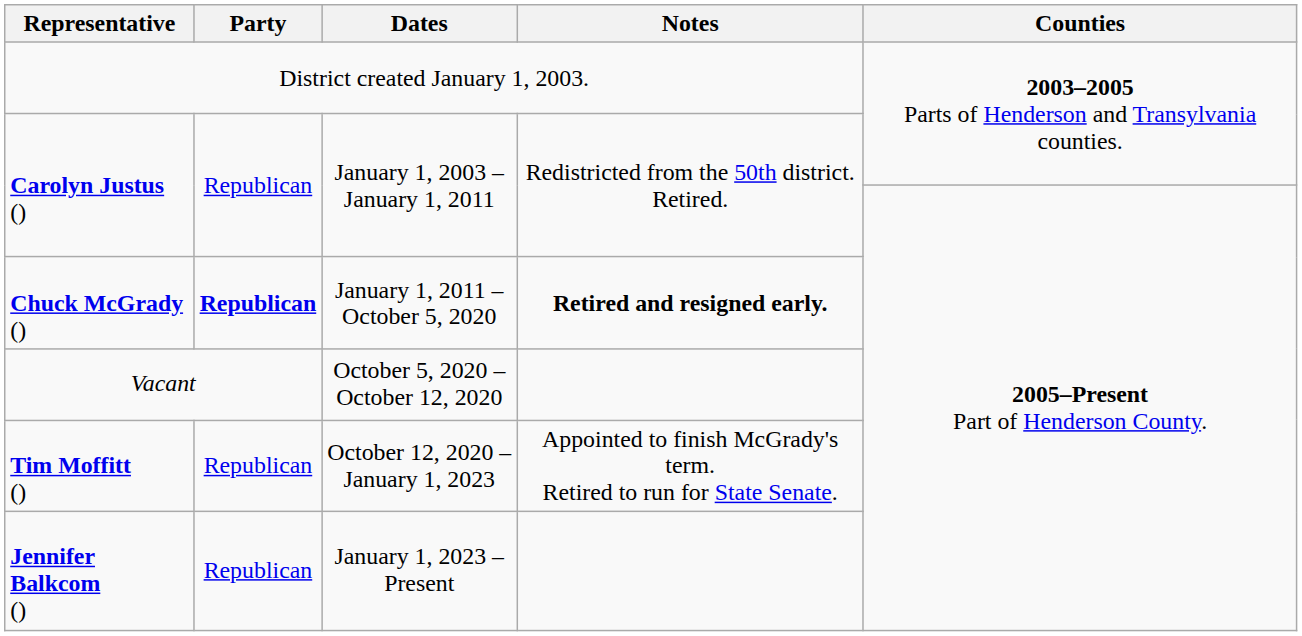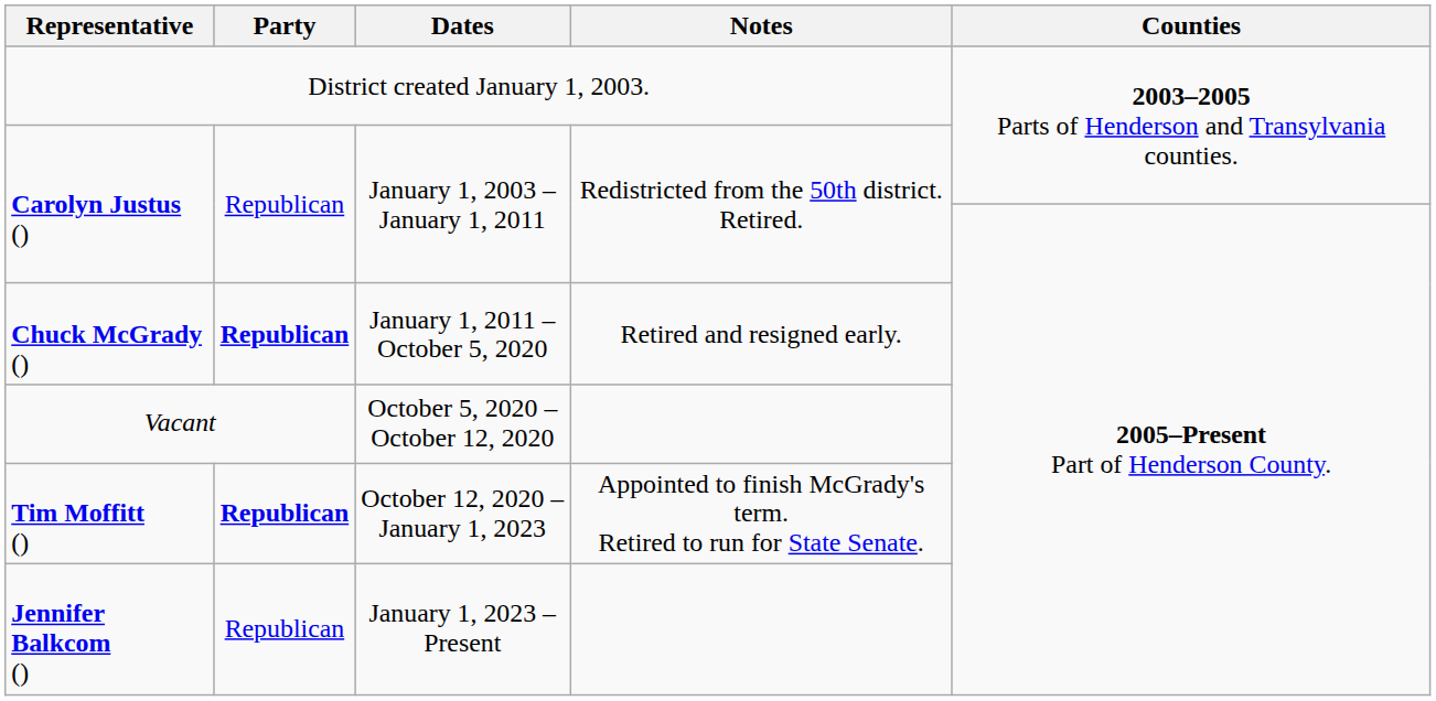 <table class=wikitable style="text-align:center">
 <tr>
 <th>Representative</th>
 <th>Party</th>
 <th>Dates</th>
 <th>Notes</th>
 <th>Counties</th>
 </tr>
 <tr style="height:3em">
 <td colspan=4>District created January 1, 2003.</td>
 <td rowspan=2><strong>2003–2005</strong> <br> Parts of <a href='#'>Henderson</a> and <a href='#'>Transylvania</a> counties.</td>
 </tr>
 <tr style="height:3em">
 <td rowspan=2 align=left><br><strong><a href='#'>Carolyn Justus</a></strong><br>()</td>
 <td rowspan=2 ><a href='#'>Republican</a></td>
 <td rowspan=2 nowrap>January 1, 2003 – <br> January 1, 2011</td>
 <td rowspan=2>Redistricted from the <a href='#'>50th</a> district. <br> Retired.</td>
 </tr>
 <tr style="height:3em">
 <td rowspan=5><strong>2005–Present</strong> <br> Part of <a href='#'>Henderson County</a>.</td>
 </tr>
 <tr style="height:3em">
 <td align=left><br><strong><a href='#'>Chuck McGrady</a></strong><br>()</td>
 <td><strong><a href='#'>Republican</a></strong></td>
 <td nowrap>January 1, 2011 – <br> October 5, 2020</td>
-<td><strong>Retired and resigned early.</strong></td>
+<td>Retired and resigned early.</td>
 </tr>
 <tr style="height:3em">
 <td colspan=2 align=center><em>Vacant</em></td>
 <td nowrap>October 5, 2020 – <br> October 12, 2020</td>
 <td></td>
 </tr>
 <tr style="height:3em">
 <td align=left><br><strong><a href='#'>Tim Moffitt</a></strong><br>()</td>
-<td><a href='#'>Republican</a></td>
+<td><strong><a href='#'>Republican</a></strong></td>
 <td nowrap>October 12, 2020 – <br> January 1, 2023</td>
 <td>Appointed to finish McGrady's term. <br> Retired to run for <a href='#'>State Senate</a>.</td>
 </tr>
 <tr style="height:3em">
 <td align=left><br><strong><a href='#'>Jennifer Balkcom</a></strong><br>()</td>
 <td><a href='#'>Republican</a></td>
 <td nowrap>January 1, 2023 – <br> Present</td>
 <td></td>
 </tr>
 </table>
